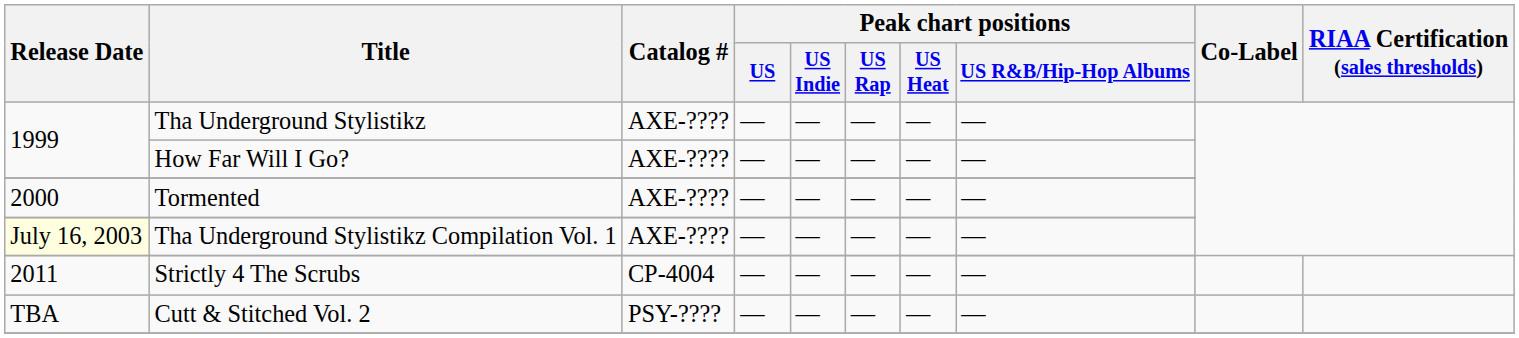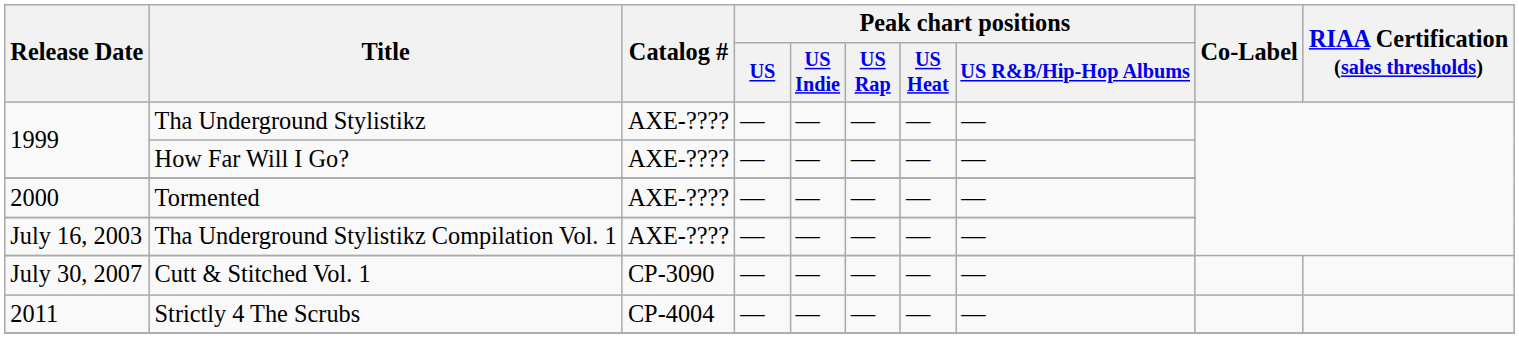 <table class="wikitable">
 <tr>
 <th rowspan="2">Release Date</th>
 <th rowspan="2">Title</th>
 <th rowspan="2">Catalog #</th>
 <th colspan="5">Peak chart positions</th>
 <th rowspan="2">Co-Label</th>
 <th rowspan="2"><a href='#'>RIAA</a> Certification<br><small>(<a href='#'>sales thresholds</a>)</small></th>
 </tr>
 <tr style="font-size:smaller;">
 <th style="width:30px;"><a href='#'>US</a></th>
 <th style="width:30px;"><a href='#'>US Indie</a></th>
 <th style="width:30px;"><a href='#'>US Rap</a></th>
 <th style="width:30px;"><a href='#'>US Heat</a></th>
 <th style="sidth:30px;"><a href='#'>US R&B/Hip-Hop Albums</a></th>
 </tr>
 <tr>
 <td rowspan="2">1999</td>
 <td>Tha Underground Stylistikz</td>
 <td>AXE-????</td>
 <td>—</td>
 <td>—</td>
 <td>—</td>
 <td>—</td>
 <td>—</td>
 </tr>
 <tr>
 <td>How Far Will I Go?</td>
 <td>AXE-????</td>
 <td>—</td>
 <td>—</td>
 <td>—</td>
 <td>—</td>
 <td>—</td>
 </tr>
 <tr>
 </tr>
 <tr>
 <td>2000</td>
 <td>Tormented</td>
 <td>AXE-????</td>
 <td>—</td>
 <td>—</td>
 <td>—</td>
 <td>—</td>
 <td>—</td>
 </tr>
 <tr>
 </tr>
 <tr>
-<td style="background: lightyellow;">July 16, 2003</td>
+<td>July 16, 2003</td>
 <td>Tha Underground Stylistikz Compilation Vol. 1</td>
 <td>AXE-????</td>
 <td>—</td>
 <td>—</td>
 <td>—</td>
 <td>—</td>
 <td>—</td>
 </tr>
 <tr>
+</tr>
+<tr>
+<td>July 30, 2007</td>
+<td>Cutt & Stitched Vol. 1</td>
+<td>CP-3090</td>
+<td>—</td>
+<td>—</td>
+<td>—</td>
+<td>—</td>
+<td>—</td>
+<td></td>
+<td></td>
 </tr>
 <tr>
 <td>2011</td>
 <td>Strictly 4 The Scrubs</td>
 <td>CP-4004</td>
 <td>—</td>
 <td>—</td>
 <td>—</td>
 <td>—</td>
 <td>—</td>
 <td></td>
 <td></td>
 </tr>
 <tr>
-<td>TBA</td>
-<td>Cutt & Stitched Vol. 2</td>
-<td>PSY-????</td>
-<td>—</td>
-<td>—</td>
-<td>—</td>
-<td>—</td>
-<td>—</td>
-<td></td>
-<td></td>
-</tr>
-<tr>
 </tr>
 </table>
